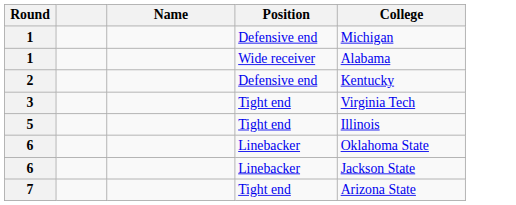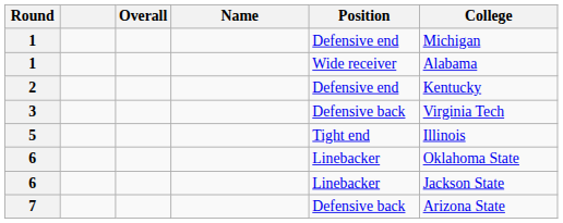 <table class="wikitable sortable">
 <tr>
 <th scope="col" style="width: 10%;">Round</th>
 <th scope="col" style="width: 10%;"></th>
+<th scope="col" style="width: 10%;">Overall</th>
 <th scope="col" style="width: 25%;">Name</th>
 <th scope="col" style="width: 20%;">Position</th>
 <th scope="col" style="width: 25%;">College</th>
 </tr>
 <tr>
 <th scope="row">1</th>
+<td></td>
 <td></td>
 <td></td>
 <td><a href='#'>Defensive end</a></td>
 <td><a href='#'>Michigan</a></td>
 </tr>
 <tr>
 <th scope="row">1</th>
 <td></td>
 <td></td>
+<td></td>
 <td><a href='#'>Wide receiver</a></td>
 <td><a href='#'>Alabama</a></td>
 </tr>
 <tr>
 <th scope="row">2</th>
+<td></td>
 <td></td>
 <td></td>
 <td><a href='#'>Defensive end</a></td>
 <td><a href='#'>Kentucky</a></td>
 </tr>
 <tr>
 <th scope="row">3</th>
 <td></td>
 <td></td>
-<td><a href='#'>Tight end</a></td>
+<td></td>
+<td><a href='#'>Defensive back</a></td>
 <td><a href='#'>Virginia Tech</a></td>
 </tr>
 <tr>
 <th scope="row">5</th>
+<td></td>
 <td></td>
 <td></td>
 <td><a href='#'>Tight end</a></td>
 <td><a href='#'>Illinois</a></td>
 </tr>
 <tr>
 <th scope="row">6</th>
 <td></td>
 <td></td>
+<td></td>
 <td><a href='#'>Linebacker</a></td>
 <td><a href='#'>Oklahoma State</a></td>
 </tr>
 <tr>
 <th scope="row">6</th>
+<td></td>
 <td></td>
 <td></td>
 <td><a href='#'>Linebacker</a></td>
 <td><a href='#'>Jackson State</a></td>
 </tr>
 <tr>
 <th scope="row">7</th>
 <td></td>
 <td></td>
-<td><a href='#'>Tight end</a></td>
+<td></td>
+<td><a href='#'>Defensive back</a></td>
 <td><a href='#'>Arizona State</a></td>
 </tr>
 </table>
